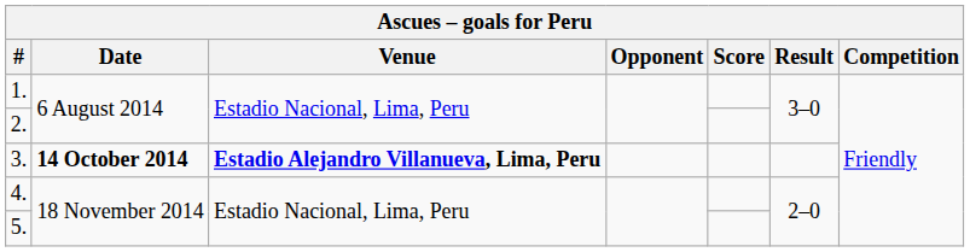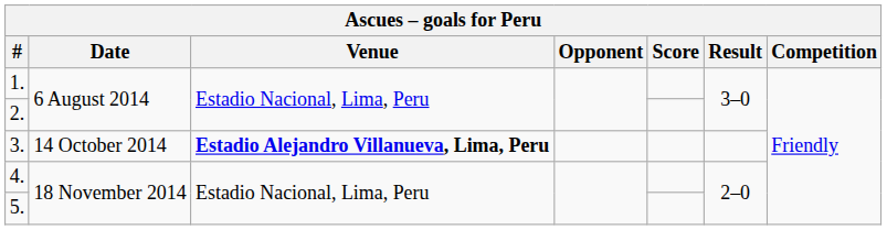 <table class="wikitable sortable">
 <tr>
 <th colspan="7"><strong>Ascues – goals for Peru</strong></th>
 </tr>
 <tr>
 <th>#</th>
 <th>Date</th>
 <th>Venue</th>
 <th>Opponent</th>
 <th>Score</th>
 <th>Result</th>
 <th>Competition</th>
 </tr>
 <tr>
 <td align=center>1.</td>
 <td rowspan=2>6 August 2014</td>
 <td rowspan=2><a href='#'>Estadio Nacional</a>, <a href='#'>Lima</a>, <a href='#'>Peru</a></td>
 <td rowspan=2></td>
 <td></td>
 <td rowspan=2 style="text-align:center;">3–0</td>
 <td rowspan=5><a href='#'>Friendly</a></td>
 </tr>
 <tr>
 <td align=center>2.</td>
 <td></td>
 </tr>
 <tr>
 <td align=center>3.</td>
-<td><strong>14 October 2014</strong></td>
+<td>14 October 2014</td>
 <td><strong><a href='#'>Estadio Alejandro Villanueva</a>, Lima, Peru</strong></td>
 <td></td>
 <td></td>
 <td></td>
 </tr>
 <tr>
 <td align=center>4.</td>
 <td rowspan=2>18 November 2014</td>
 <td rowspan=2>Estadio Nacional, Lima, Peru</td>
 <td rowspan=2></td>
 <td></td>
 <td rowspan=2 style="text-align:center;">2–0</td>
 </tr>
 <tr>
 <td align=center>5.</td>
 <td></td>
 </tr>
 </table>
